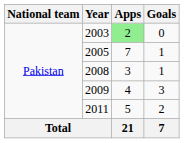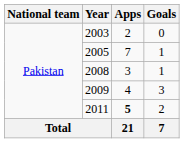 <table class="wikitable" style="text-align:center">
 <tr>
 <th>National team</th>
 <th>Year</th>
 <th>Apps</th>
 <th>Goals</th>
 </tr>
 <tr>
 <td rowspan="5"><a href='#'>Pakistan</a></td>
 <td>2003</td>
-<td style="background: lightgreen;">2</td>
+<td>2</td>
 <td>0</td>
 </tr>
 <tr>
 <td>2005</td>
 <td>7</td>
 <td>1</td>
 </tr>
 <tr>
 <td>2008</td>
 <td>3</td>
 <td>1</td>
 </tr>
 <tr>
 <td>2009</td>
 <td>4</td>
 <td>3</td>
 </tr>
 <tr>
 <td>2011</td>
-<td>5</td>
+<td><strong>5</strong></td>
 <td>2</td>
 </tr>
 <tr>
 <th colspan="2">Total</th>
 <th>21</th>
 <th>7</th>
 </tr>
 </table>
